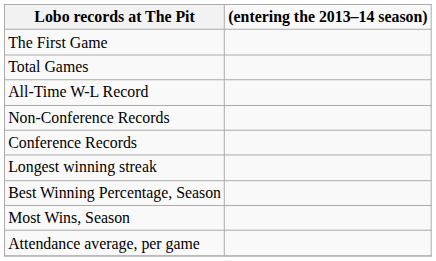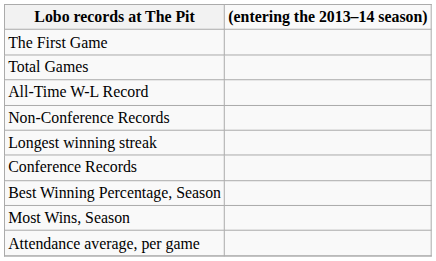 <table class="wikitable">
 <tr>
 <th>Lobo records at The Pit</th>
 <td><strong>(entering the 2013–14 season)</strong></td>
 </tr>
 <tr>
 <td>The First Game</td>
 <td></td>
 </tr>
 <tr>
 <td>Total Games</td>
 <td></td>
 </tr>
 <tr>
 <td>All-Time W-L Record</td>
 <td></td>
 </tr>
 <tr>
 <td>Non-Conference Records</td>
 <td></td>
 </tr>
 <tr>
-<td>Conference Records</td>
+<td>Longest winning streak</td>
 <td></td>
 </tr>
 <tr>
-<td>Longest winning streak</td>
+<td>Conference Records</td>
 <td></td>
 </tr>
 <tr>
 <td>Best Winning Percentage, Season</td>
 <td></td>
 </tr>
 <tr>
 <td>Most Wins, Season</td>
 <td></td>
 </tr>
 <tr>
 <td>Attendance average, per game</td>
 <td></td>
 </tr>
 <tr>
 </tr>
 </table>
